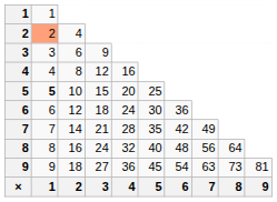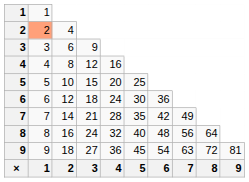 <table class="wikitable" style="text-align: right;">
 <tr>
 <th style="text-align: right;">1</th>
 <td>1</td>
 <td style="border-top: solid white 1px; border-right: solid white 1px; background: white"></td>
 <td colspan=7, style="border-top: solid white 1px; border-right: solid white 1px; border-bottom: solid white 1px; background: white"></td>
 </tr>
 <tr>
 <th style="text-align: right;">2</th>
 <td style="background: lightsalmon;">2</td>
 <td>4</td>
 <td style="border-top: solid white 1px; border-right: solid white 1px; background: white"></td>
 <td colspan=6, style="border-top: solid white 1px; border-right: solid white 1px; border-bottom: solid white 1px; background: white"></td>
 </tr>
 <tr>
 <th style="text-align: right;">3</th>
 <td>3</td>
 <td>6</td>
 <td>9</td>
 <td style="border-top: solid white 1px; border-right: solid white 1px; background: white"></td>
 <td colspan=5, style="border-top: solid white 1px; border-right: solid white 1px; border-bottom: solid white 1px; background: white"></td>
 </tr>
 <tr>
 <th style="text-align: right;">4</th>
 <td>4</td>
 <td>8</td>
 <td>12</td>
 <td>16</td>
 <td style="border-top: solid white 1px; border-right: solid white 1px; background: white"></td>
 <td colspan=4, style="border-top: solid white 1px; border-right: solid white 1px; border-bottom: solid white 1px; background: white"></td>
 </tr>
 <tr>
 <th style="text-align: right;">5</th>
-<td><strong>5</strong></td>
+<td>5</td>
 <td>10</td>
 <td>15</td>
 <td>20</td>
 <td>25</td>
 <td style="border-top: solid white 1px; border-right: solid white 1px; background: white"></td>
 <td colspan=3, style="border-top: solid white 1px; border-right: solid white 1px; border-bottom: solid white 1px; background: white"></td>
 </tr>
 <tr>
 <th style="text-align: right;">6</th>
 <td>6</td>
 <td>12</td>
 <td>18</td>
 <td>24</td>
 <td>30</td>
 <td>36</td>
 <td style="border-top: solid white 1px; border-right: solid white 1px; background: white"></td>
 <td colspan=2, style="border-top: solid white 1px; border-right: solid white 1px; border-bottom: solid white 1px; background: white"></td>
 </tr>
 <tr>
 <th style="text-align: right;">7</th>
 <td>7</td>
 <td>14</td>
 <td>21</td>
 <td>28</td>
 <td>35</td>
 <td>42</td>
 <td>49</td>
 <td style="border-top: solid white 1px; border-right: solid white 1px; background: white"></td>
 <td style="border-top: solid white 1px; border-right: solid white 1px; border-bottom: solid white 1px; background: white"></td>
 </tr>
 <tr>
 <th style="text-align: right;">8</th>
 <td>8</td>
 <td>16</td>
 <td>24</td>
 <td>32</td>
 <td>40</td>
 <td>48</td>
 <td>56</td>
 <td>64</td>
 <td style="border-top: solid white 1px; border-right: solid white 1px; background: white"></td>
 </tr>
 <tr>
 <th style="text-align: right;">9</th>
 <td>9</td>
 <td>18</td>
 <td>27</td>
 <td>36</td>
 <td>45</td>
 <td>54</td>
 <td>63</td>
-<td>73</td>
+<td>72</td>
 <td>81</td>
 </tr>
 <tr>
 <th style="width:7.14%">×</th>
 <th style="text-align: right; width:7.14%">1</th>
 <th style="text-align: right; width:7.14%">2</th>
 <th style="text-align: right; width:7.14%">3</th>
 <th style="text-align: right; width:7.14%">4</th>
 <th style="text-align: right; width:7.14%">5</th>
 <th style="text-align: right; width:7.14%">6</th>
 <th style="text-align: right; width:7.14%">7</th>
 <th style="text-align: right; width:7.14%">8</th>
 <th style="text-align: right; width:7.14%">9</th>
 </tr>
 </table>
